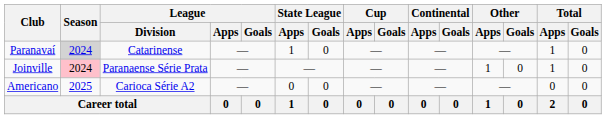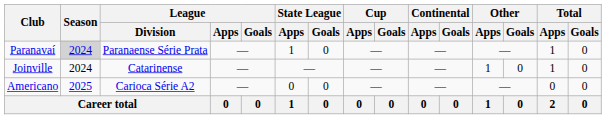 <table class="wikitable" style="text-align: center;">
 <tr>
 <th rowspan="2">Club</th>
 <th rowspan="2">Season</th>
 <th colspan="3">League</th>
 <th colspan="2">State League</th>
 <th colspan="2">Cup</th>
 <th colspan="2">Continental</th>
 <th colspan="2">Other</th>
 <th colspan="2">Total</th>
 </tr>
 <tr>
 <th>Division</th>
 <th>Apps</th>
 <th>Goals</th>
 <th>Apps</th>
 <th>Goals</th>
 <th>Apps</th>
 <th>Goals</th>
 <th>Apps</th>
 <th>Goals</th>
 <th>Apps</th>
 <th>Goals</th>
 <th>Apps</th>
 <th>Goals</th>
 </tr>
 <tr>
 <td valign="center"><a href='#'>Paranavaí</a></td>
 <td style="background: lightgrey;"><a href='#'>2024</a></td>
-<td><a href='#'>Catarinense</a></td>
+<td><a href='#'>Paranaense Série Prata</a></td>
 <td colspan="2">—</td>
 <td>1</td>
 <td>0</td>
 <td colspan="2">—</td>
 <td colspan="2">—</td>
 <td colspan="2">—</td>
 <td>1</td>
 <td>0</td>
 </tr>
 <tr>
 <td valign="center"><a href='#'>Joinville</a></td>
-<td style="background: pink;">2024</td>
-<td><a href='#'>Paranaense Série Prata</a></td>
+<td>2024</td>
+<td><a href='#'>Catarinense</a></td>
 <td colspan="2">—</td>
 <td colspan="2">—</td>
 <td colspan="2">—</td>
 <td colspan="2">—</td>
 <td>1</td>
 <td>0</td>
 <td>1</td>
 <td>0</td>
 </tr>
 <tr>
 <td valign="center"><a href='#'>Americano</a></td>
 <td><a href='#'>2025</a></td>
 <td><a href='#'>Carioca Série A2</a></td>
 <td colspan="2">—</td>
 <td>0</td>
 <td>0</td>
 <td colspan="2">—</td>
 <td colspan="2">—</td>
 <td colspan="2">—</td>
 <td>0</td>
 <td>0</td>
 </tr>
 <tr>
 <th colspan="3"><strong>Career total</strong></th>
 <th>0</th>
 <th>0</th>
 <th>1</th>
 <th>0</th>
 <th>0</th>
 <th>0</th>
 <th>0</th>
 <th>0</th>
 <th>1</th>
 <th>0</th>
 <th>2</th>
 <th>0</th>
 </tr>
 </table>
